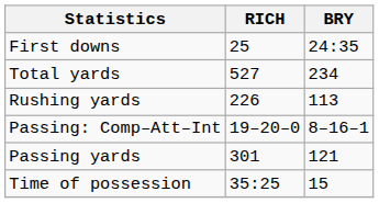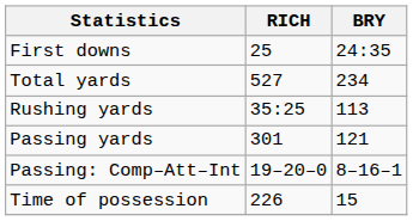 <table class="wikitable" style="float: left;">
 <tr>
 <th>Statistics</th>
 <th>RICH</th>
 <th>BRY</th>
 </tr>
 <tr>
 <td>First downs</td>
 <td>25</td>
 <td>24:35</td>
 </tr>
 <tr>
 <td>Total yards</td>
 <td>527</td>
 <td>234</td>
 </tr>
 <tr>
 <td>Rushing yards</td>
-<td>226</td>
+<td>35:25</td>
 <td>113</td>
+</tr>
+<tr>
+<td>Passing yards</td>
+<td>301</td>
+<td>121</td>
 </tr>
 <tr>
 <td>Passing: Comp–Att–Int</td>
 <td>19–20–0</td>
 <td>8–16–1</td>
 </tr>
 <tr>
-<td>Passing yards</td>
-<td>301</td>
-<td>121</td>
-</tr>
-<tr>
 <td>Time of possession</td>
-<td>35:25</td>
+<td>226</td>
 <td>15</td>
 </tr>
 <tr>
 </tr>
 </table>
